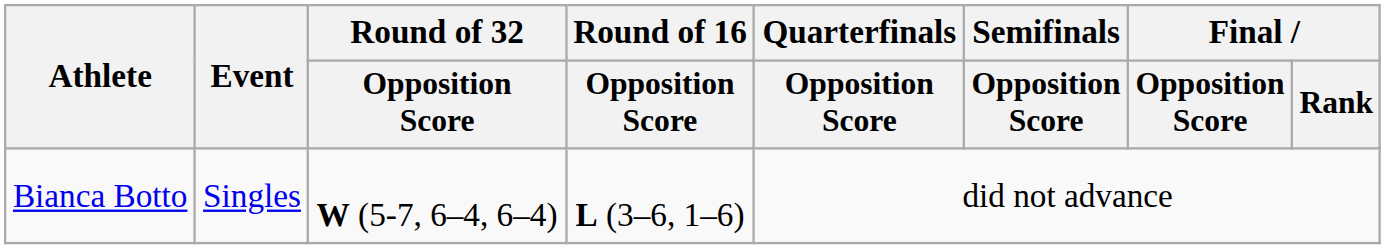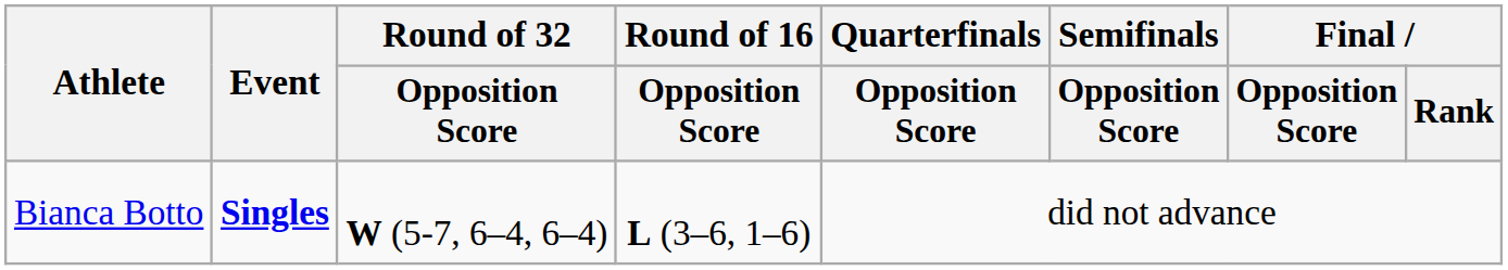 <table class=wikitable style="font-size:90%">
 <tr>
 <th rowspan="2">Athlete</th>
 <th rowspan="2">Event</th>
 <th>Round of 32</th>
 <th>Round of 16</th>
 <th>Quarterfinals</th>
 <th>Semifinals</th>
 <th colspan=2>Final / </th>
 </tr>
 <tr style="font-size:95%">
 <th>Opposition<br>Score</th>
 <th>Opposition<br>Score</th>
 <th>Opposition<br>Score</th>
 <th>Opposition<br>Score</th>
 <th>Opposition<br>Score</th>
 <th>Rank</th>
 </tr>
 <tr>
 <td><a href='#'>Bianca Botto</a></td>
-<td><a href='#'>Singles</a></td>
+<td><strong><a href='#'>Singles</a></strong></td>
 <td align=center><br><strong>W</strong> (5-7, 6–4, 6–4)</td>
 <td align=center><br><strong>L</strong> (3–6, 1–6)</td>
 <td align=center colspan=4>did not advance</td>
 </tr>
 </table>
